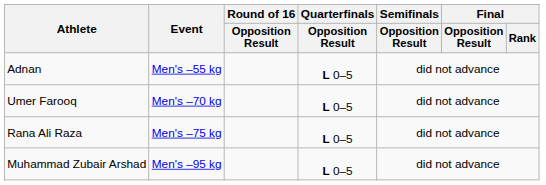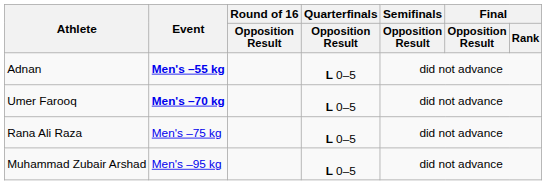 <table class=wikitable style=font-size:90%;text-align:center>
 <tr>
 <th rowspan=2>Athlete</th>
 <th rowspan=2>Event</th>
 <th>Round of 16</th>
 <th>Quarterfinals</th>
 <th>Semifinals</th>
 <th colspan=2>Final</th>
 </tr>
 <tr style="font-size:95%">
 <th>Opposition<br>Result</th>
 <th>Opposition<br>Result</th>
 <th>Opposition<br>Result</th>
 <th>Opposition<br>Result</th>
 <th>Rank</th>
 </tr>
 <tr>
 <td align=left>Adnan</td>
-<td align=left><a href='#'>Men's –55 kg</a></td>
+<td align=left><strong><a href='#'>Men's –55 kg</a></strong></td>
 <td></td>
 <td> <br><strong>L</strong> 0–5</td>
 <td colspan=3>did not advance</td>
 </tr>
 <tr>
 <td align=left>Umer Farooq</td>
-<td align=left><a href='#'>Men's –70 kg</a></td>
+<td align=left><strong><a href='#'>Men's –70 kg</a></strong></td>
 <td></td>
 <td> <br><strong>L</strong> 0–5</td>
 <td colspan=3>did not advance</td>
 </tr>
 <tr>
 <td align=left>Rana Ali Raza</td>
 <td align=left><a href='#'>Men's –75 kg</a></td>
 <td></td>
 <td> <br><strong>L</strong> 0–5</td>
 <td colspan=3>did not advance</td>
 </tr>
 <tr>
 <td align=left>Muhammad Zubair Arshad</td>
 <td align=left><a href='#'>Men's –95 kg</a></td>
 <td></td>
 <td> <br><strong>L</strong> 0–5</td>
 <td colspan=3>did not advance</td>
 </tr>
 </table>
